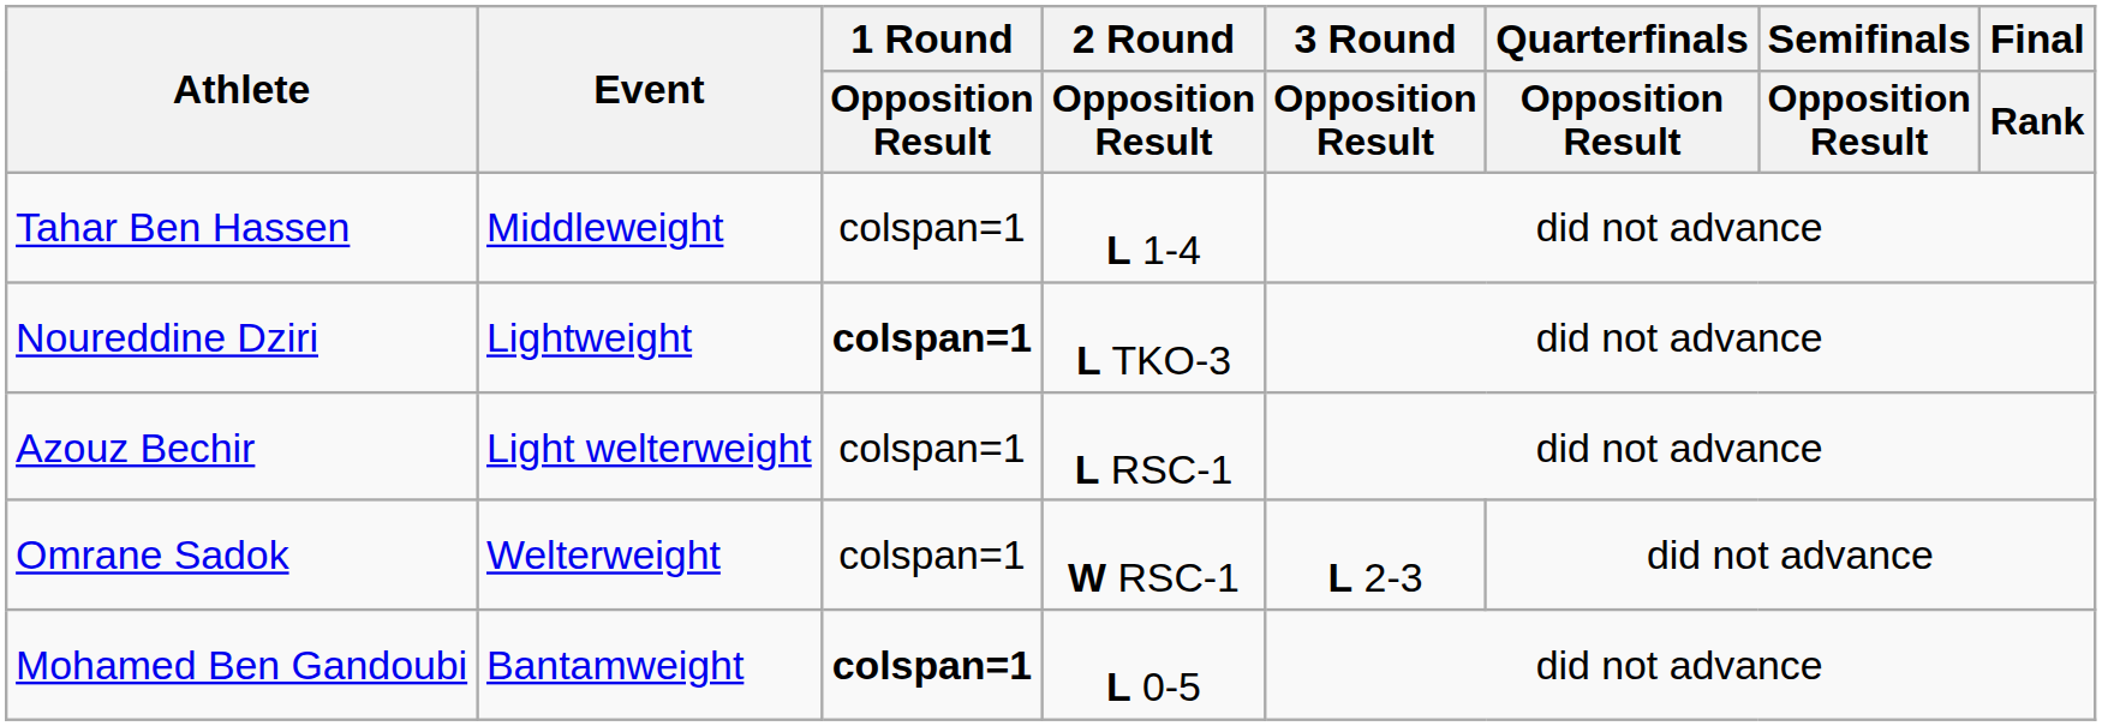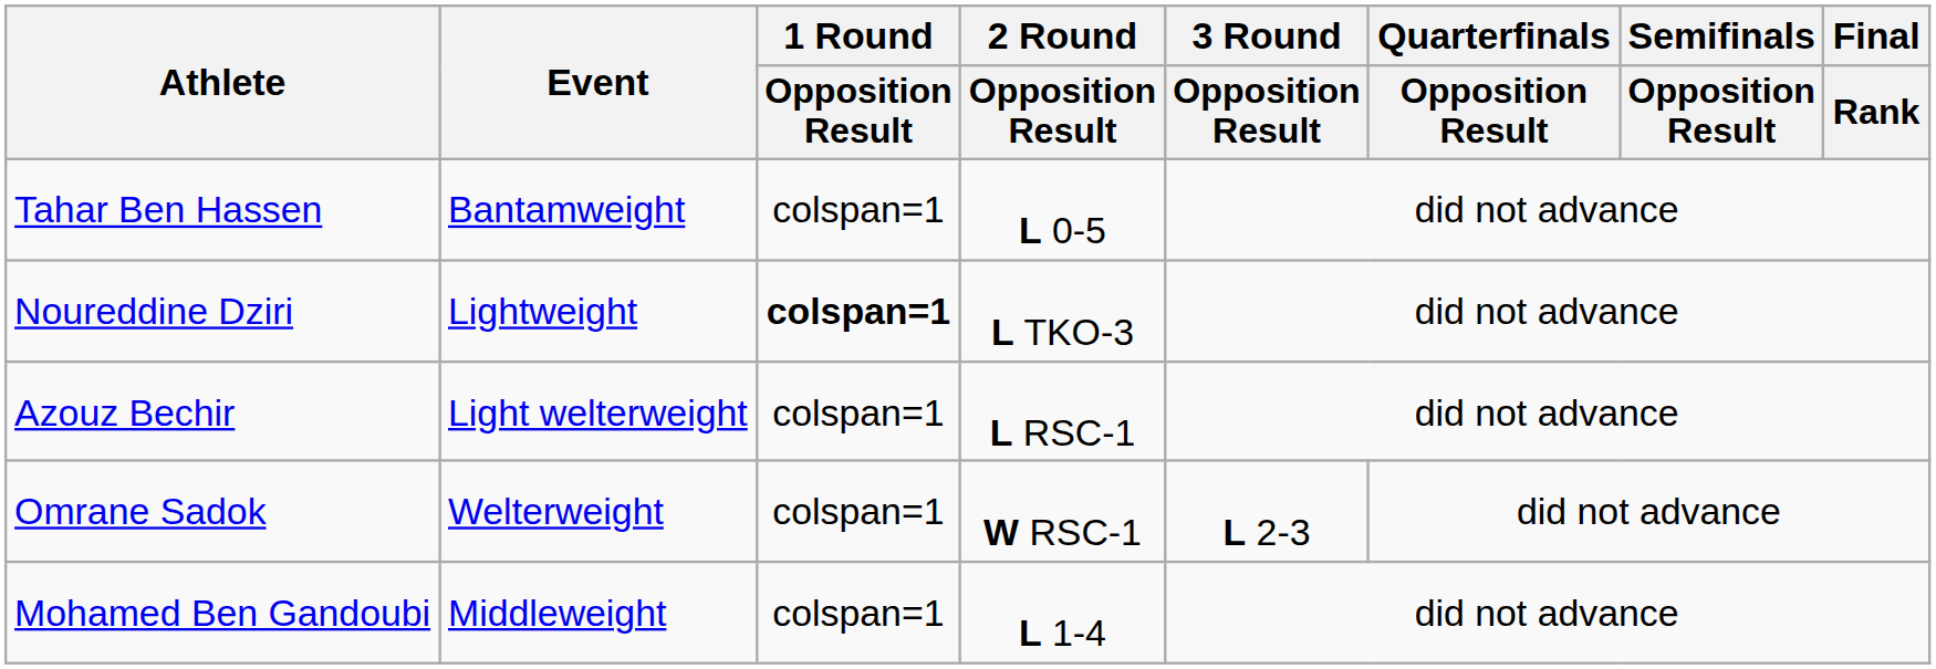 <table class="wikitable" style="font-size:90%">
 <tr>
 <th rowspan="2">Athlete</th>
 <th rowspan="2">Event</th>
 <th>1 Round</th>
 <th>2 Round</th>
 <th>3 Round</th>
 <th>Quarterfinals</th>
 <th>Semifinals</th>
 <th colspan=2>Final</th>
 </tr>
 <tr style="font-size:95%">
 <th>Opposition<br>Result</th>
 <th>Opposition<br>Result</th>
 <th>Opposition<br>Result</th>
 <th>Opposition<br>Result</th>
 <th>Opposition<br>Result</th>
 <th colspan=2>Rank</th>
 </tr>
 <tr align=center>
 <td align=left><a href='#'>Tahar Ben Hassen</a></td>
-<td align=left><a href='#'>Middleweight</a></td>
+<td align=left><a href='#'>Bantamweight</a></td>
 <td>colspan=1 </td>
-<td><br><strong>L</strong> 1-4</td>
+<td><br><strong>L</strong> 0-5</td>
 <td colspan=5>did not advance</td>
 </tr>
 <tr align=center>
 <td align=left><a href='#'>Noureddine Dziri</a></td>
 <td align=left><a href='#'>Lightweight</a></td>
 <td><strong>colspan=1 </strong></td>
 <td><br><strong>L</strong> TKO-3</td>
 <td colspan=5>did not advance</td>
 </tr>
 <tr align=center>
 <td align=left><a href='#'>Azouz Bechir</a></td>
 <td align=left><a href='#'>Light welterweight</a></td>
 <td>colspan=1 </td>
 <td><br><strong>L</strong> RSC-1</td>
 <td colspan=5>did not advance</td>
 </tr>
 <tr align=center>
 <td align=left><a href='#'>Omrane Sadok</a></td>
 <td align=left><a href='#'>Welterweight</a></td>
 <td>colspan=1 </td>
 <td><br><strong>W</strong> RSC-1</td>
 <td><br><strong>L</strong> 2-3</td>
 <td colspan=5>did not advance</td>
 </tr>
 <tr align=center>
 <td align=left><a href='#'>Mohamed Ben Gandoubi</a></td>
-<td align=left><a href='#'>Bantamweight</a></td>
-<td><strong>colspan=1 </strong></td>
-<td><br><strong>L</strong> 0-5</td>
+<td align=left><a href='#'>Middleweight</a></td>
+<td>colspan=1 </td>
+<td><br><strong>L</strong> 1-4</td>
 <td colspan=5>did not advance</td>
 </tr>
 </table>
